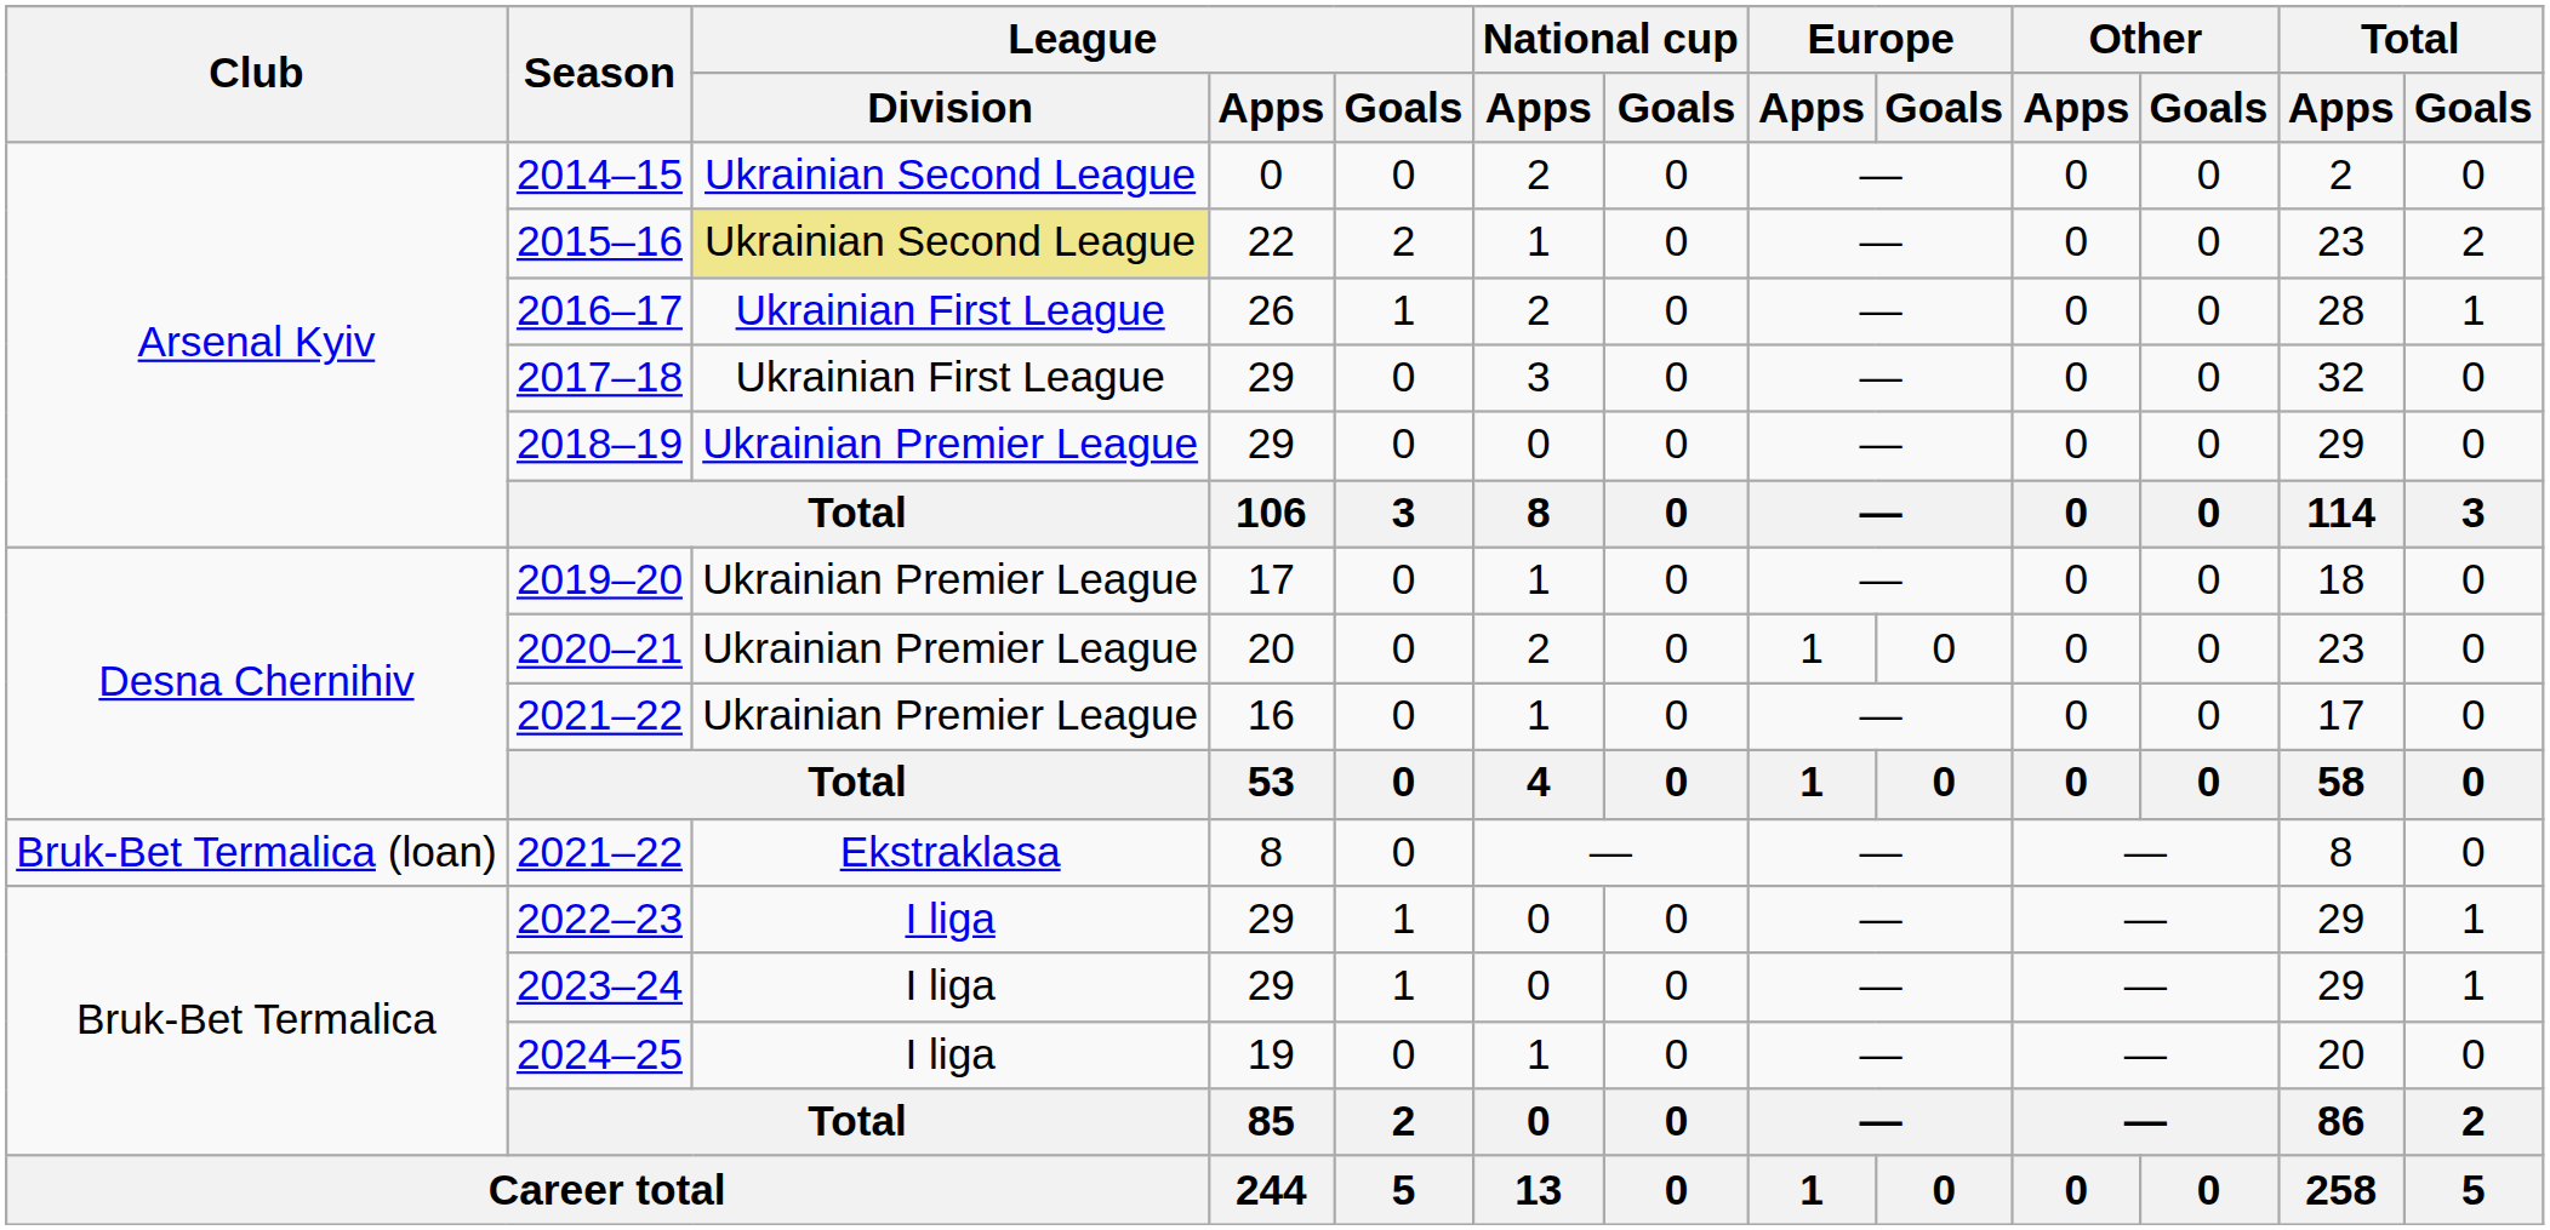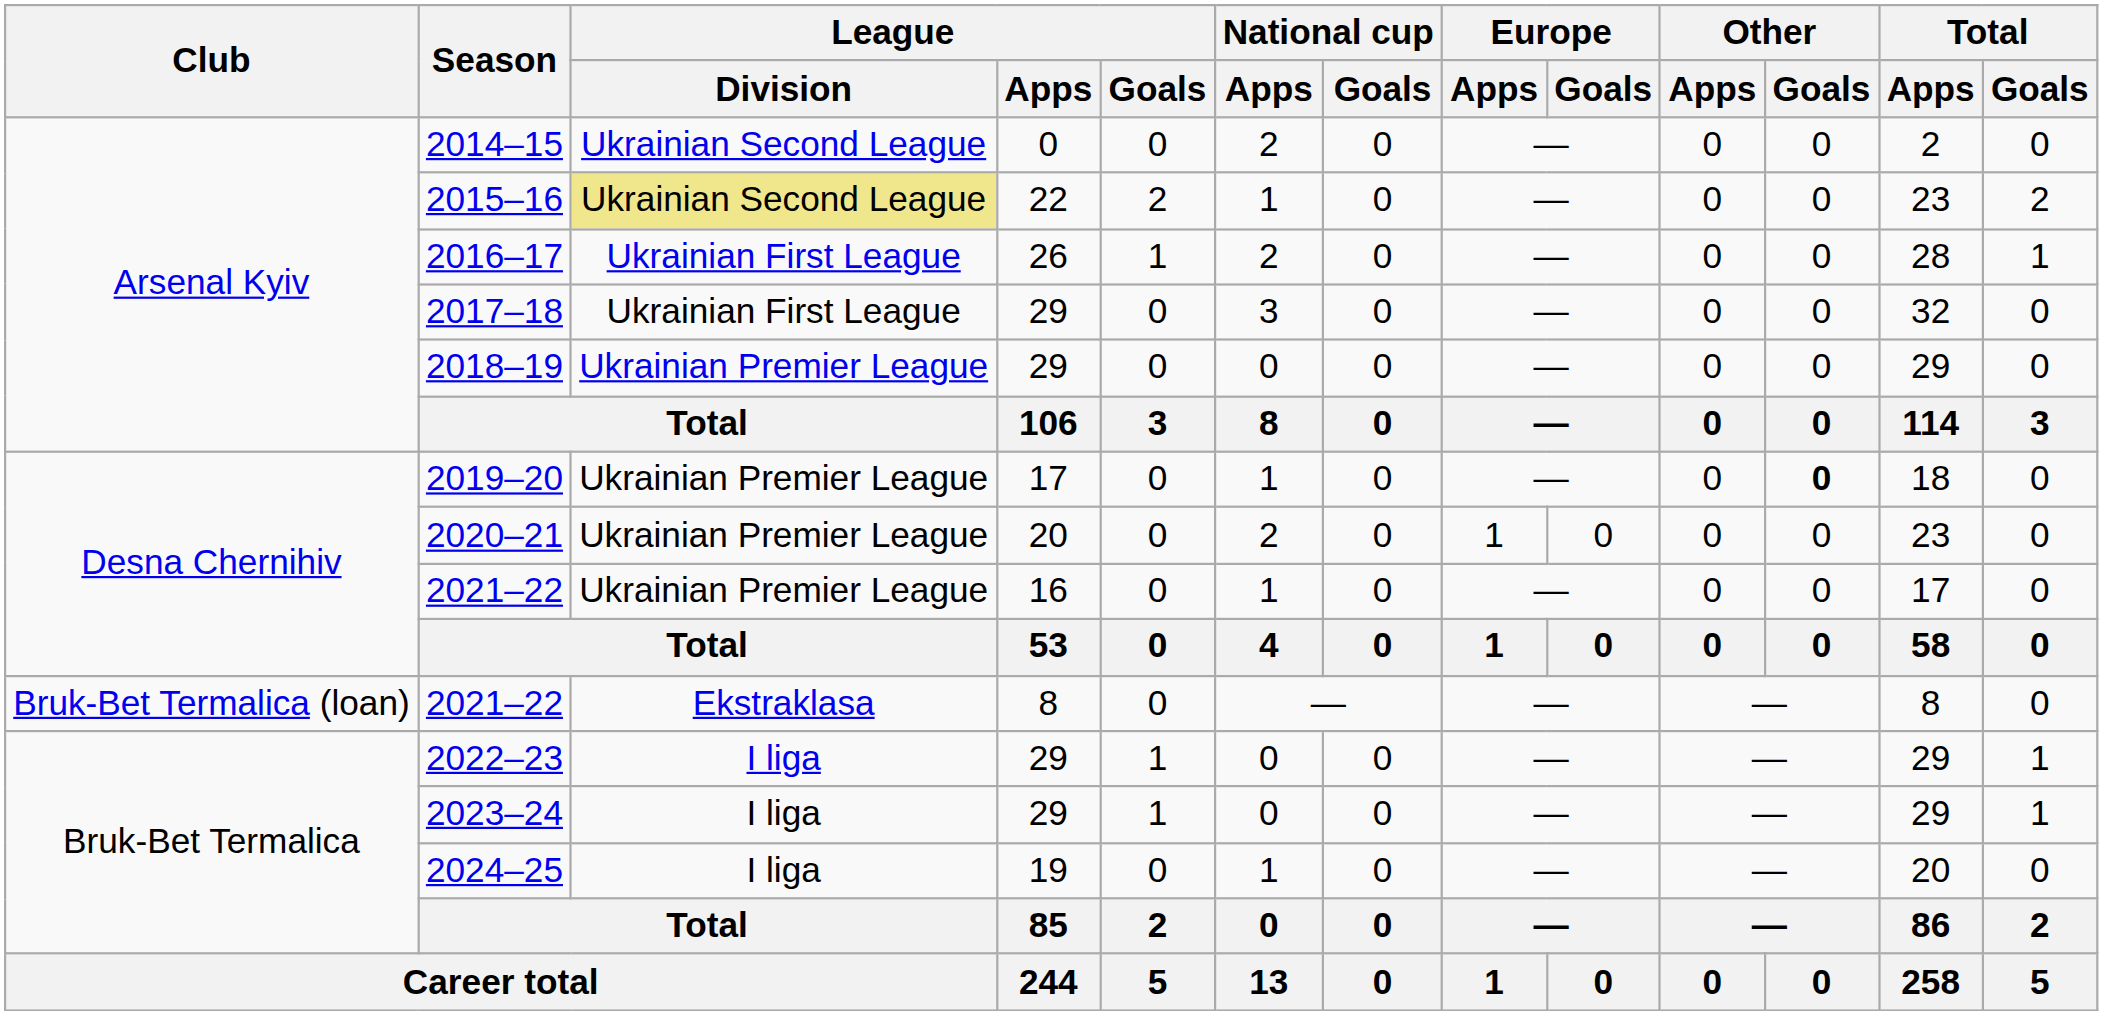 <table class="wikitable" style="text-align:center">
 <tr>
 <th rowspan="2">Club</th>
 <th rowspan="2">Season</th>
 <th colspan="3">League</th>
 <th colspan="2">National cup</th>
 <th colspan="2">Europe</th>
 <th colspan="2">Other</th>
 <th colspan="2">Total</th>
 </tr>
 <tr>
 <th>Division</th>
 <th>Apps</th>
 <th>Goals</th>
 <th>Apps</th>
 <th>Goals</th>
 <th>Apps</th>
 <th>Goals</th>
 <th>Apps</th>
 <th>Goals</th>
 <th>Apps</th>
 <th>Goals</th>
 </tr>
 <tr>
 <td rowspan="6"><a href='#'>Arsenal Kyiv</a></td>
 <td><a href='#'>2014–15</a></td>
 <td><a href='#'>Ukrainian Second League</a></td>
 <td>0</td>
 <td>0</td>
 <td>2</td>
 <td>0</td>
 <td colspan="2">—</td>
 <td>0</td>
 <td>0</td>
 <td>2</td>
 <td>0</td>
 </tr>
 <tr>
 <td><a href='#'>2015–16</a></td>
 <td style="background: khaki;">Ukrainian Second League</td>
 <td>22</td>
 <td>2</td>
 <td>1</td>
 <td>0</td>
 <td colspan="2">—</td>
 <td>0</td>
 <td>0</td>
 <td>23</td>
 <td>2</td>
 </tr>
 <tr>
 <td><a href='#'>2016–17</a></td>
 <td><a href='#'>Ukrainian First League</a></td>
 <td>26</td>
 <td>1</td>
 <td>2</td>
 <td>0</td>
 <td colspan="2">—</td>
 <td>0</td>
 <td>0</td>
 <td>28</td>
 <td>1</td>
 </tr>
 <tr>
 <td><a href='#'>2017–18</a></td>
 <td>Ukrainian First League</td>
 <td>29</td>
 <td>0</td>
 <td>3</td>
 <td>0</td>
 <td colspan="2">—</td>
 <td>0</td>
 <td>0</td>
 <td>32</td>
 <td>0</td>
 </tr>
 <tr>
 <td><a href='#'>2018–19</a></td>
 <td><a href='#'>Ukrainian Premier League</a></td>
 <td>29</td>
 <td>0</td>
 <td>0</td>
 <td>0</td>
 <td colspan="2">—</td>
 <td>0</td>
 <td>0</td>
 <td>29</td>
 <td>0</td>
 </tr>
 <tr>
 <th colspan="2">Total</th>
 <th>106</th>
 <th>3</th>
 <th>8</th>
 <th>0</th>
 <th colspan="2">—</th>
 <th>0</th>
 <th>0</th>
 <th>114</th>
 <th>3</th>
 </tr>
 <tr>
 <td rowspan="4"><a href='#'>Desna Chernihiv</a></td>
 <td><a href='#'>2019–20</a></td>
 <td>Ukrainian Premier League</td>
 <td>17</td>
 <td>0</td>
 <td>1</td>
 <td>0</td>
 <td colspan="2">—</td>
 <td>0</td>
-<td>0</td>
+<td><strong>0</strong></td>
 <td>18</td>
 <td>0</td>
 </tr>
 <tr>
 <td><a href='#'>2020–21</a></td>
 <td>Ukrainian Premier League</td>
 <td>20</td>
 <td>0</td>
 <td>2</td>
 <td>0</td>
 <td>1</td>
 <td>0</td>
 <td>0</td>
 <td>0</td>
 <td>23</td>
 <td>0</td>
 </tr>
 <tr>
 <td><a href='#'>2021–22</a></td>
 <td>Ukrainian Premier League</td>
 <td>16</td>
 <td>0</td>
 <td>1</td>
 <td>0</td>
 <td colspan="2">—</td>
 <td>0</td>
 <td>0</td>
 <td>17</td>
 <td>0</td>
 </tr>
 <tr>
 <th colspan="2">Total</th>
 <th>53</th>
 <th>0</th>
 <th>4</th>
 <th>0</th>
 <th>1</th>
 <th>0</th>
 <th>0</th>
 <th>0</th>
 <th>58</th>
 <th>0</th>
 </tr>
 <tr>
 <td rowspan="1"><a href='#'>Bruk-Bet Termalica</a> (loan)</td>
 <td><a href='#'>2021–22</a></td>
 <td><a href='#'>Ekstraklasa</a></td>
 <td>8</td>
 <td>0</td>
 <td colspan="2">—</td>
 <td colspan="2">—</td>
 <td colspan="2">—</td>
 <td>8</td>
 <td>0</td>
 </tr>
 <tr>
 <td rowspan="4">Bruk-Bet Termalica</td>
 <td><a href='#'>2022–23</a></td>
 <td><a href='#'>I liga</a></td>
 <td>29</td>
 <td>1</td>
 <td>0</td>
 <td>0</td>
 <td colspan="2">—</td>
 <td colspan="2">—</td>
 <td>29</td>
 <td>1</td>
 </tr>
 <tr>
 <td><a href='#'>2023–24</a></td>
 <td>I liga</td>
 <td>29</td>
 <td>1</td>
 <td>0</td>
 <td>0</td>
 <td colspan="2">—</td>
 <td colspan="2">—</td>
 <td>29</td>
 <td>1</td>
 </tr>
 <tr>
 <td><a href='#'>2024–25</a></td>
 <td>I liga</td>
 <td>19</td>
 <td>0</td>
 <td>1</td>
 <td>0</td>
 <td colspan="2">—</td>
 <td colspan="2">—</td>
 <td>20</td>
 <td>0</td>
 </tr>
 <tr>
 <th colspan="2">Total</th>
 <th>85</th>
 <th>2</th>
 <th>0</th>
 <th>0</th>
 <th colspan="2">—</th>
 <th colspan="2">—</th>
 <th>86</th>
 <th>2</th>
 </tr>
 <tr>
 <th colspan="3">Career total</th>
 <th>244</th>
 <th>5</th>
 <th>13</th>
 <th>0</th>
 <th>1</th>
 <th>0</th>
 <th>0</th>
 <th>0</th>
 <th>258</th>
 <th>5</th>
 </tr>
 </table>
